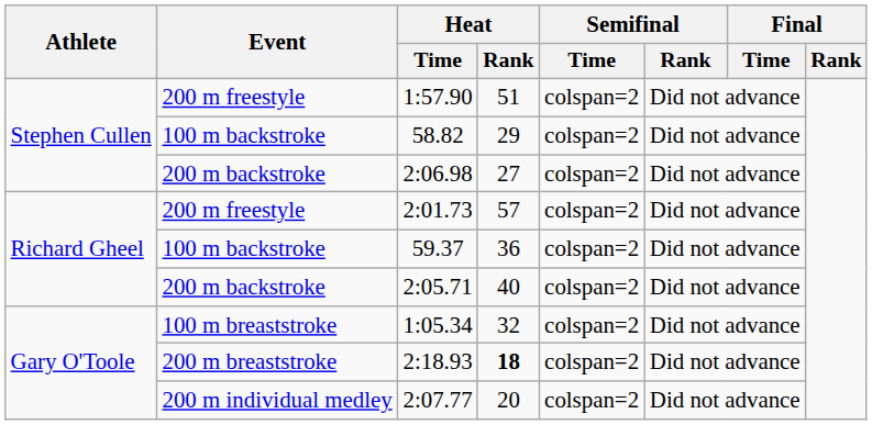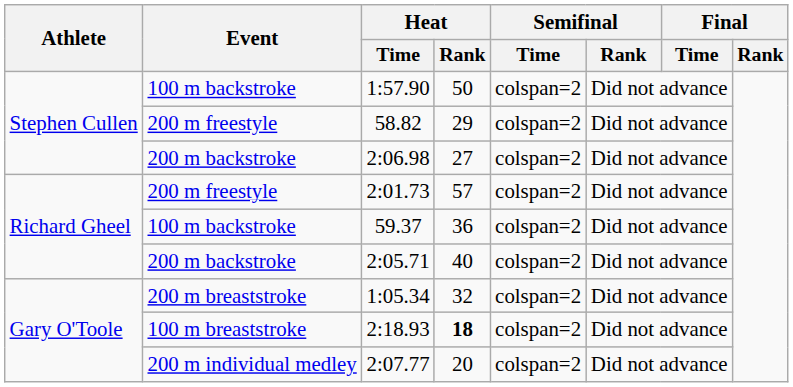 <table class=wikitable style="font-size:90%;">
 <tr>
 <th rowspan=2>Athlete</th>
 <th rowspan=2>Event</th>
 <th colspan=2>Heat</th>
 <th colspan=2>Semifinal</th>
 <th colspan=2>Final</th>
 </tr>
 <tr style="font-size:95%">
 <th>Time</th>
 <th>Rank</th>
 <th>Time</th>
 <th>Rank</th>
 <th>Time</th>
 <th>Rank</th>
 </tr>
 <tr align=center>
 <td rowspan=3 align=left><a href='#'>Stephen Cullen</a></td>
-<td align=left><a href='#'>200 m freestyle</a></td>
+<td align=left><a href='#'>100 m backstroke</a></td>
 <td>1:57.90</td>
-<td>51</td>
+<td>50</td>
 <td>colspan=2 </td>
 <td colspan=2>Did not advance</td>
 </tr>
 <tr align=center>
-<td align=left><a href='#'>100 m backstroke</a></td>
+<td align=left><a href='#'>200 m freestyle</a></td>
 <td>58.82</td>
 <td>29</td>
 <td>colspan=2 </td>
 <td colspan=2>Did not advance</td>
 </tr>
 <tr align=center>
 <td align=left><a href='#'>200 m backstroke</a></td>
 <td>2:06.98</td>
 <td>27</td>
 <td>colspan=2 </td>
 <td colspan=2>Did not advance</td>
 </tr>
 <tr align=center>
 <td rowspan=3 align=left><a href='#'>Richard Gheel</a></td>
 <td align=left><a href='#'>200 m freestyle</a></td>
 <td>2:01.73</td>
 <td>57</td>
 <td>colspan=2 </td>
 <td colspan=2>Did not advance</td>
 </tr>
 <tr align=center>
 <td align=left><a href='#'>100 m backstroke</a></td>
 <td>59.37</td>
 <td>36</td>
 <td>colspan=2 </td>
 <td colspan=2>Did not advance</td>
 </tr>
 <tr align=center>
 <td align=left><a href='#'>200 m backstroke</a></td>
 <td>2:05.71</td>
 <td>40</td>
 <td>colspan=2 </td>
 <td colspan=2>Did not advance</td>
 </tr>
 <tr align=center>
 <td rowspan=3 align=left><a href='#'>Gary O'Toole</a></td>
-<td align=left><a href='#'>100 m breaststroke</a></td>
+<td align=left><a href='#'>200 m breaststroke</a></td>
 <td>1:05.34</td>
 <td>32</td>
 <td>colspan=2 </td>
 <td colspan=2>Did not advance</td>
 </tr>
 <tr align=center>
-<td align=left><a href='#'>200 m breaststroke</a></td>
+<td align=left><a href='#'>100 m breaststroke</a></td>
 <td>2:18.93</td>
 <td><strong>18</strong></td>
 <td>colspan=2 </td>
 <td colspan=2>Did not advance</td>
 </tr>
 <tr align=center>
 <td align=left><a href='#'>200 m individual medley</a></td>
 <td>2:07.77</td>
 <td>20</td>
 <td>colspan=2 </td>
 <td colspan=2>Did not advance</td>
 </tr>
 </table>
